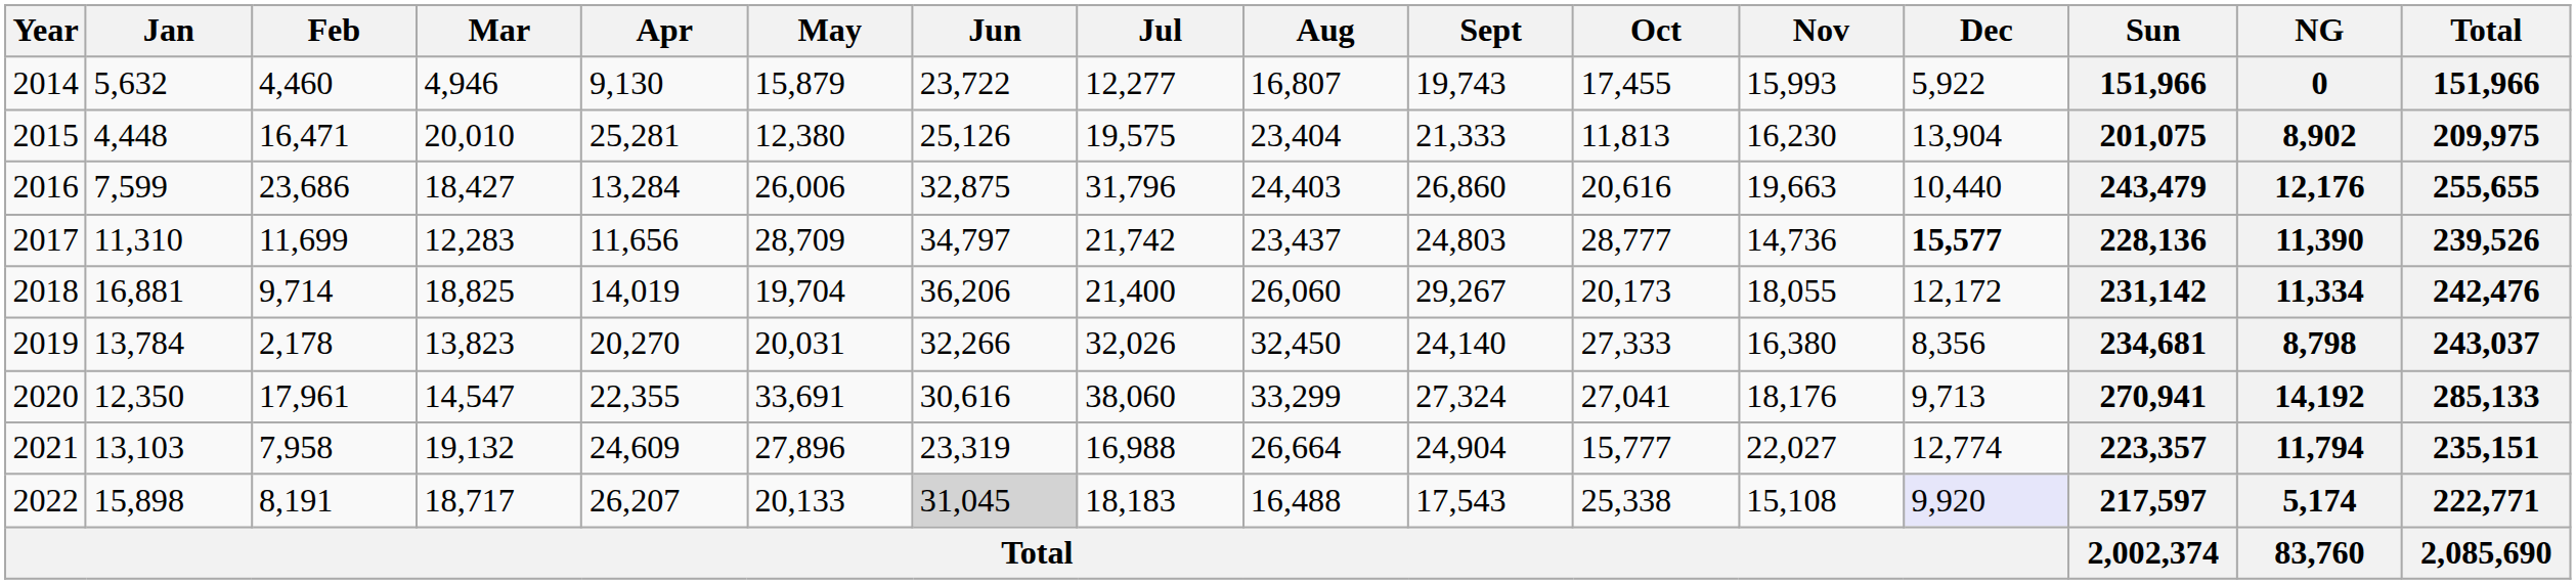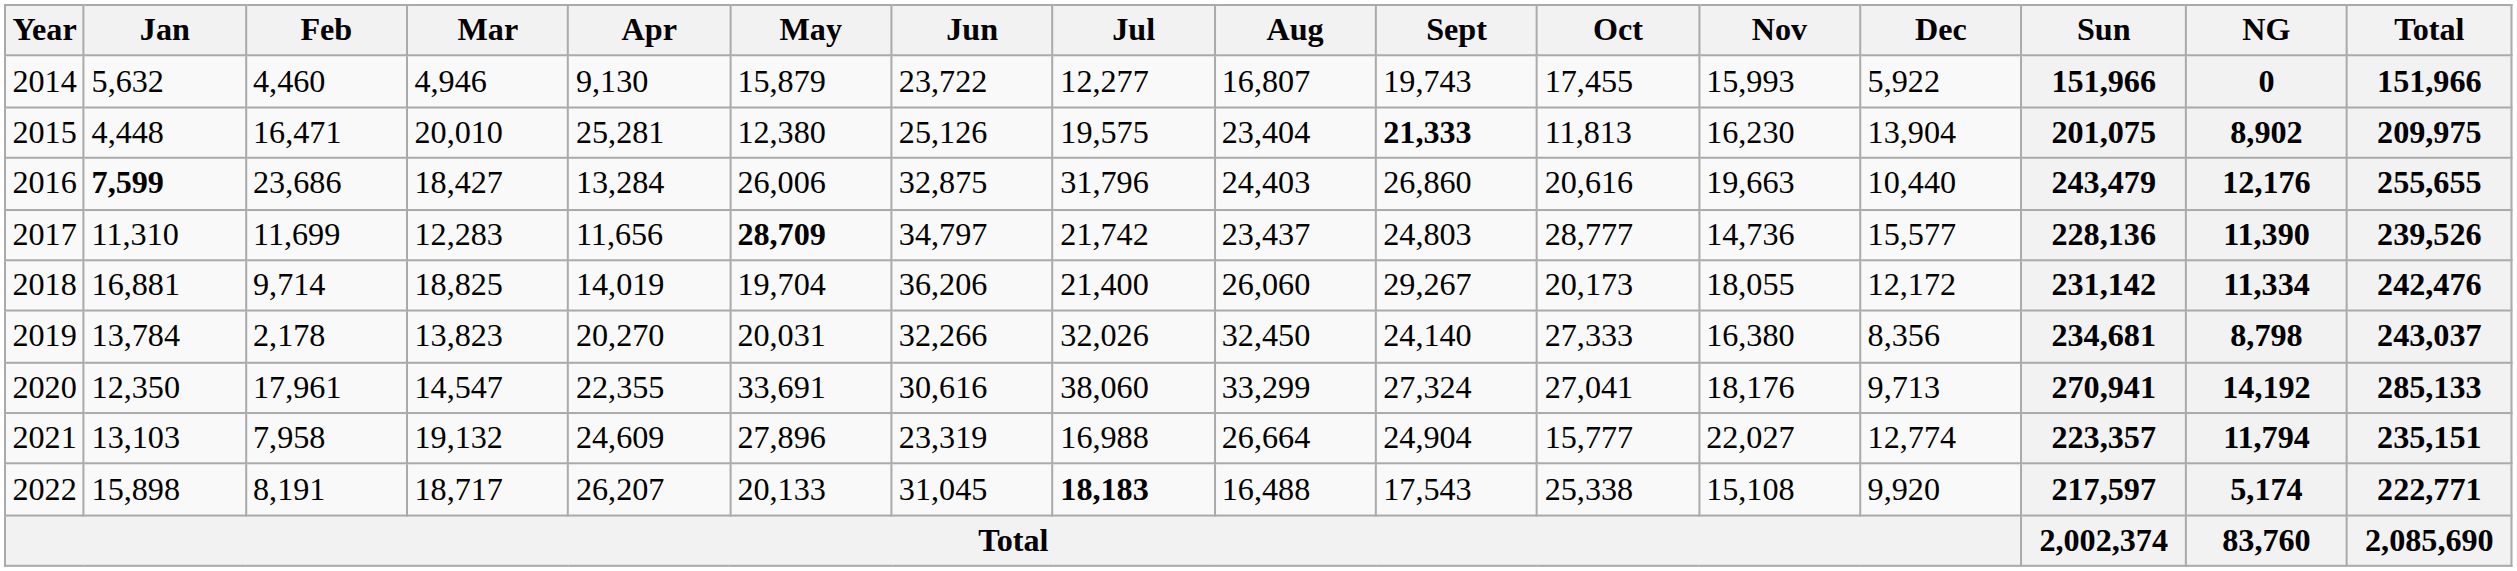 <table class=wikitable>
 <tr>
 <th>Year</th>
 <th style="width:75px;">Jan</th>
 <th style="width:75px;">Feb</th>
 <th style="width:75px;">Mar</th>
 <th style="width:75px;">Apr</th>
 <th style="width:75px;">May</th>
 <th style="width:75px;">Jun</th>
 <th style="width:75px;">Jul</th>
 <th style="width:75px;">Aug</th>
 <th style="width:75px;">Sept</th>
 <th style="width:75px;">Oct</th>
 <th style="width:75px;">Nov</th>
 <th style="width:75px;">Dec</th>
 <th style="width:75px;">Sun</th>
 <th style="width:75px;">NG</th>
 <th style="width:75px;">Total</th>
 </tr>
 <tr>
 <td>2014</td>
 <td>5,632</td>
 <td>4,460</td>
 <td>4,946</td>
 <td>9,130</td>
 <td>15,879</td>
 <td>23,722</td>
 <td>12,277</td>
 <td>16,807</td>
 <td>19,743</td>
 <td>17,455</td>
 <td>15,993</td>
 <td>5,922</td>
 <th>151,966</th>
 <th>0</th>
 <th>151,966</th>
 </tr>
 <tr>
 <td>2015</td>
 <td>4,448</td>
 <td>16,471</td>
 <td>20,010</td>
 <td>25,281</td>
 <td>12,380</td>
 <td>25,126</td>
 <td>19,575</td>
 <td>23,404</td>
-<td>21,333</td>
+<td><strong>21,333</strong></td>
 <td>11,813</td>
 <td>16,230</td>
 <td>13,904</td>
 <th>201,075</th>
 <th>8,902</th>
 <th>209,975</th>
 </tr>
 <tr>
 <td>2016</td>
-<td>7,599</td>
+<td><strong>7,599</strong></td>
 <td>23,686</td>
 <td>18,427</td>
 <td>13,284</td>
 <td>26,006</td>
 <td>32,875</td>
 <td>31,796</td>
 <td>24,403</td>
 <td>26,860</td>
 <td>20,616</td>
 <td>19,663</td>
 <td>10,440</td>
 <th>243,479</th>
 <th>12,176</th>
 <th>255,655</th>
 </tr>
 <tr>
 <td>2017</td>
 <td>11,310</td>
 <td>11,699</td>
 <td>12,283</td>
 <td>11,656</td>
-<td>28,709</td>
+<td><strong>28,709</strong></td>
 <td>34,797</td>
 <td>21,742</td>
 <td>23,437</td>
 <td>24,803</td>
 <td>28,777</td>
 <td>14,736</td>
-<td><strong>15,577</strong></td>
+<td>15,577</td>
 <th>228,136</th>
 <th>11,390</th>
 <th>239,526</th>
 </tr>
 <tr>
 <td>2018</td>
 <td>16,881</td>
 <td>9,714</td>
 <td>18,825</td>
 <td>14,019</td>
 <td>19,704</td>
 <td>36,206</td>
 <td>21,400</td>
 <td>26,060</td>
 <td>29,267</td>
 <td>20,173</td>
 <td>18,055</td>
 <td>12,172</td>
 <th>231,142</th>
 <th>11,334</th>
 <th>242,476</th>
 </tr>
 <tr>
 <td>2019</td>
 <td>13,784</td>
 <td>2,178</td>
 <td>13,823</td>
 <td>20,270</td>
 <td>20,031</td>
 <td>32,266</td>
 <td>32,026</td>
 <td>32,450</td>
 <td>24,140</td>
 <td>27,333</td>
 <td>16,380</td>
 <td>8,356</td>
 <th>234,681</th>
 <th>8,798</th>
 <th>243,037</th>
 </tr>
 <tr>
 <td>2020</td>
 <td>12,350</td>
 <td>17,961</td>
 <td>14,547</td>
 <td>22,355</td>
 <td>33,691</td>
 <td>30,616</td>
 <td>38,060</td>
 <td>33,299</td>
 <td>27,324</td>
 <td>27,041</td>
 <td>18,176</td>
 <td>9,713</td>
 <th>270,941</th>
 <th>14,192</th>
 <th>285,133</th>
 </tr>
 <tr>
 <td>2021</td>
 <td>13,103</td>
 <td>7,958</td>
 <td>19,132</td>
 <td>24,609</td>
 <td>27,896</td>
 <td>23,319</td>
 <td>16,988</td>
 <td>26,664</td>
 <td>24,904</td>
 <td>15,777</td>
 <td>22,027</td>
 <td>12,774</td>
 <th>223,357</th>
 <th>11,794</th>
 <th>235,151</th>
 </tr>
 <tr>
 <td>2022</td>
 <td>15,898</td>
 <td>8,191</td>
 <td>18,717</td>
 <td>26,207</td>
 <td>20,133</td>
-<td style="background: lightgrey;">31,045</td>
-<td>18,183</td>
+<td>31,045</td>
+<td><strong>18,183</strong></td>
 <td>16,488</td>
 <td>17,543</td>
 <td>25,338</td>
 <td>15,108</td>
-<td style="background: lavender;">9,920</td>
+<td>9,920</td>
 <th>217,597</th>
 <th>5,174</th>
 <th>222,771</th>
 </tr>
 <tr>
 <th colspan="13">Total</th>
 <th>2,002,374</th>
 <th>83,760</th>
 <th>2,085,690</th>
 </tr>
 </table>
